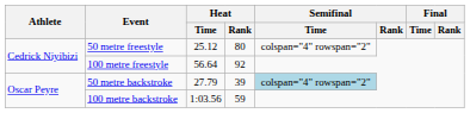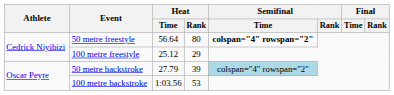 <table class="wikitable" style="text-align:center; font-size:90%; width:50%;">
 <tr>
 <th rowspan="2">Athlete</th>
 <th rowspan="2">Event</th>
 <th colspan="2">Heat</th>
 <th colspan="2">Semifinal</th>
 <th colspan="2">Final</th>
 </tr>
 <tr style="font-size:95%">
 <th>Time</th>
 <th>Rank</th>
 <th>Time</th>
 <th>Rank</th>
 <th>Time</th>
 <th>Rank</th>
 </tr>
 <tr align=center>
 <td align=left rowspan="2"><a href='#'>Cedrick Niyibizi</a></td>
 <td align=left><a href='#'>50 metre freestyle</a></td>
-<td>25.12</td>
+<td>56.64</td>
 <td>80</td>
-<td>colspan="4" rowspan="2"</td>
+<td><strong>colspan="4" rowspan="2"</strong></td>
 </tr>
 <tr align=center>
 <td align=left><a href='#'>100 metre freestyle</a></td>
-<td>56.64</td>
-<td>92</td>
+<td>25.12</td>
+<td>29</td>
 </tr>
 <tr align=center>
 <td align=left rowspan="2"><a href='#'>Oscar Peyre</a></td>
 <td align=left><a href='#'>50 metre backstroke</a></td>
 <td>27.79</td>
 <td>39</td>
 <td style="background: lightblue;">colspan="4" rowspan="2"</td>
 </tr>
 <tr align=center>
 <td align=left><a href='#'>100 metre backstroke</a></td>
 <td>1:03.56</td>
-<td>59</td>
+<td>53</td>
 </tr>
 </table>
